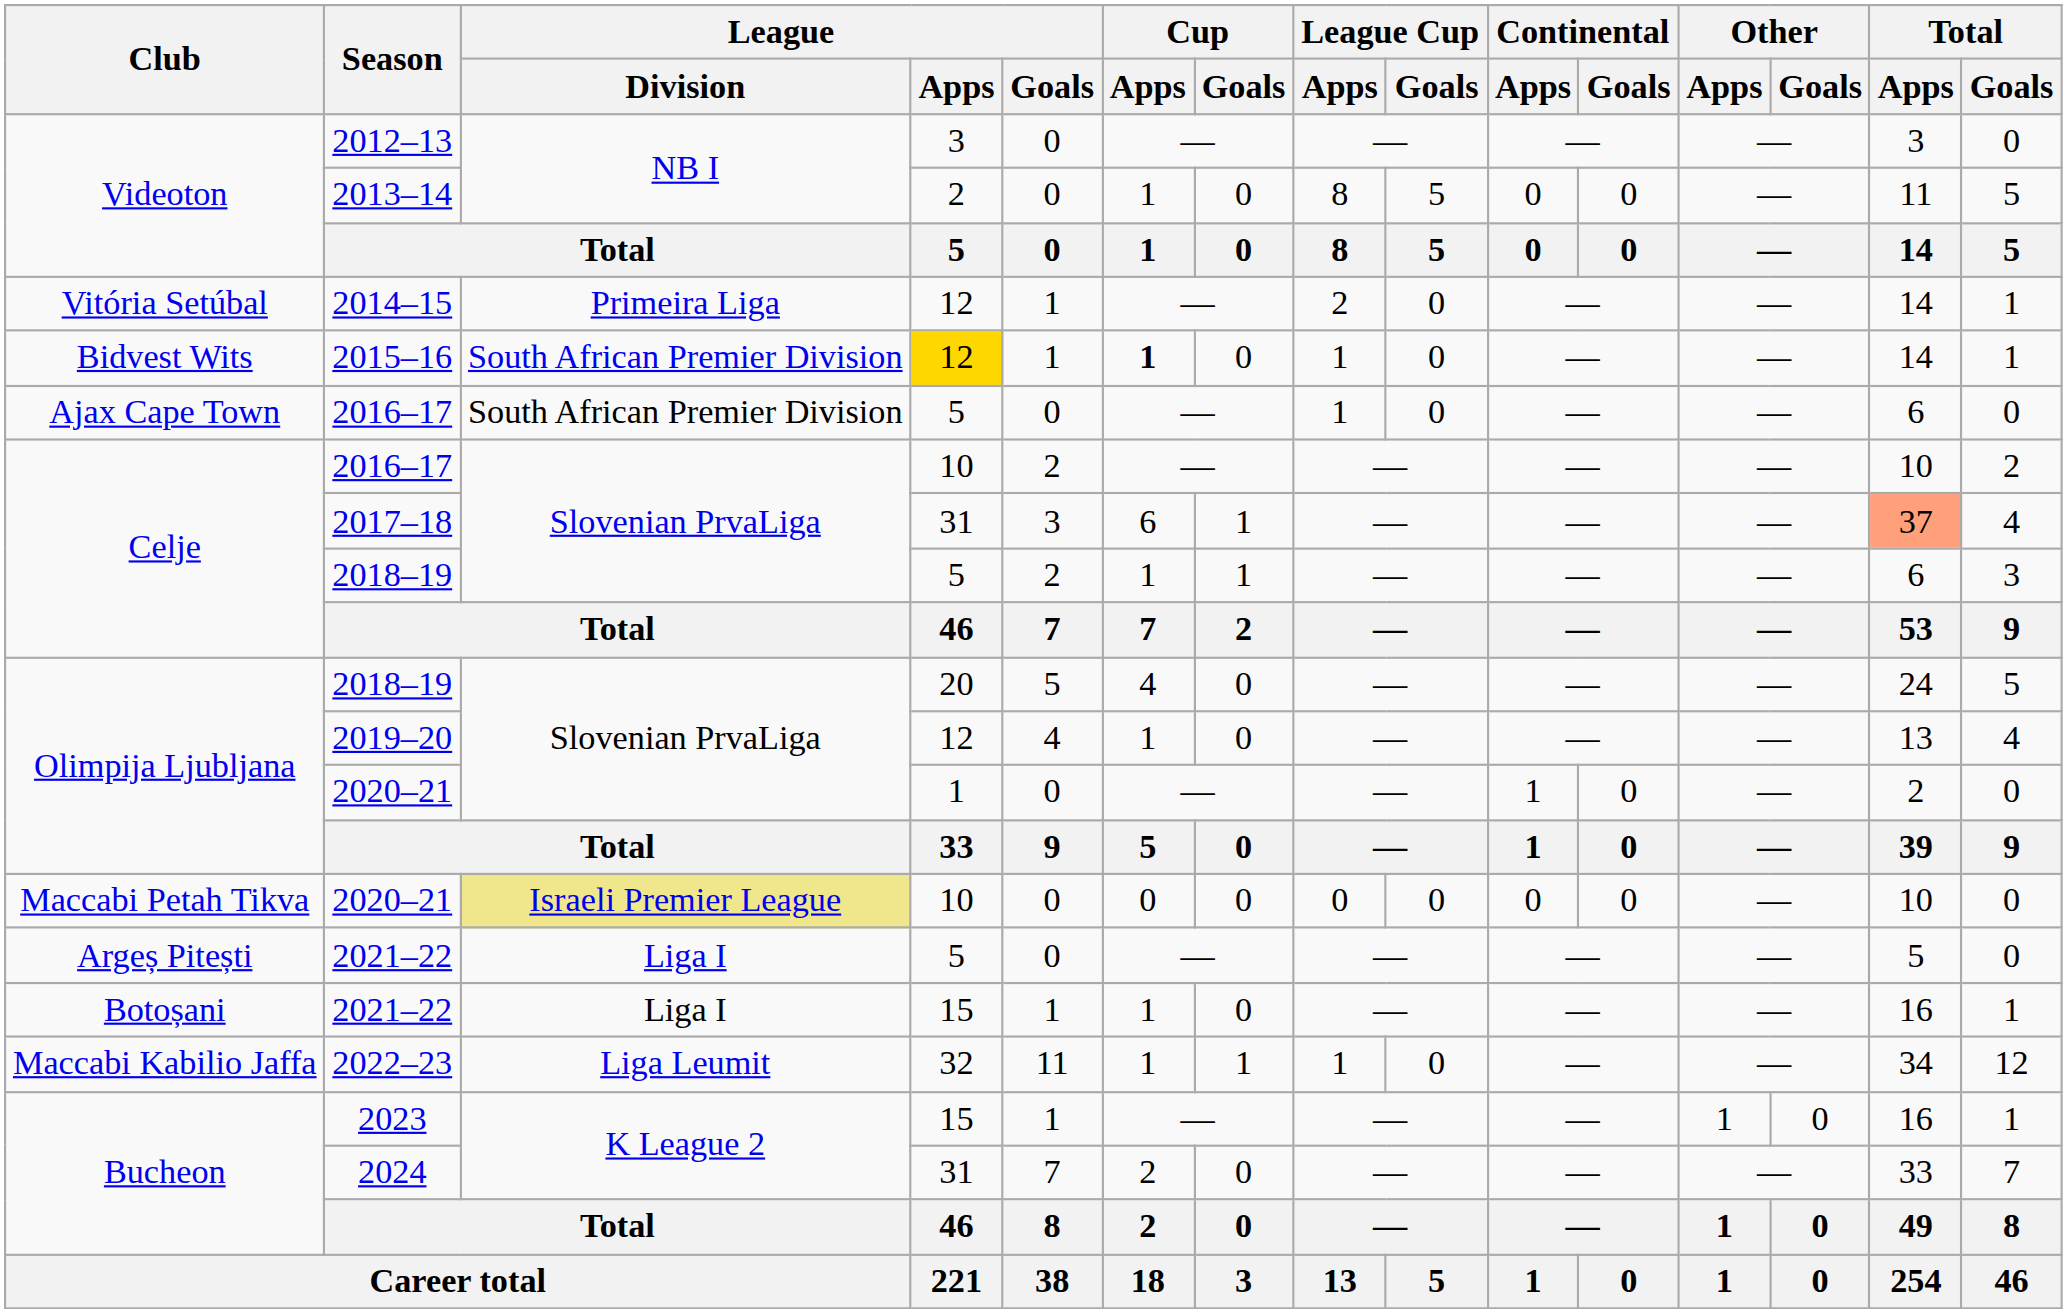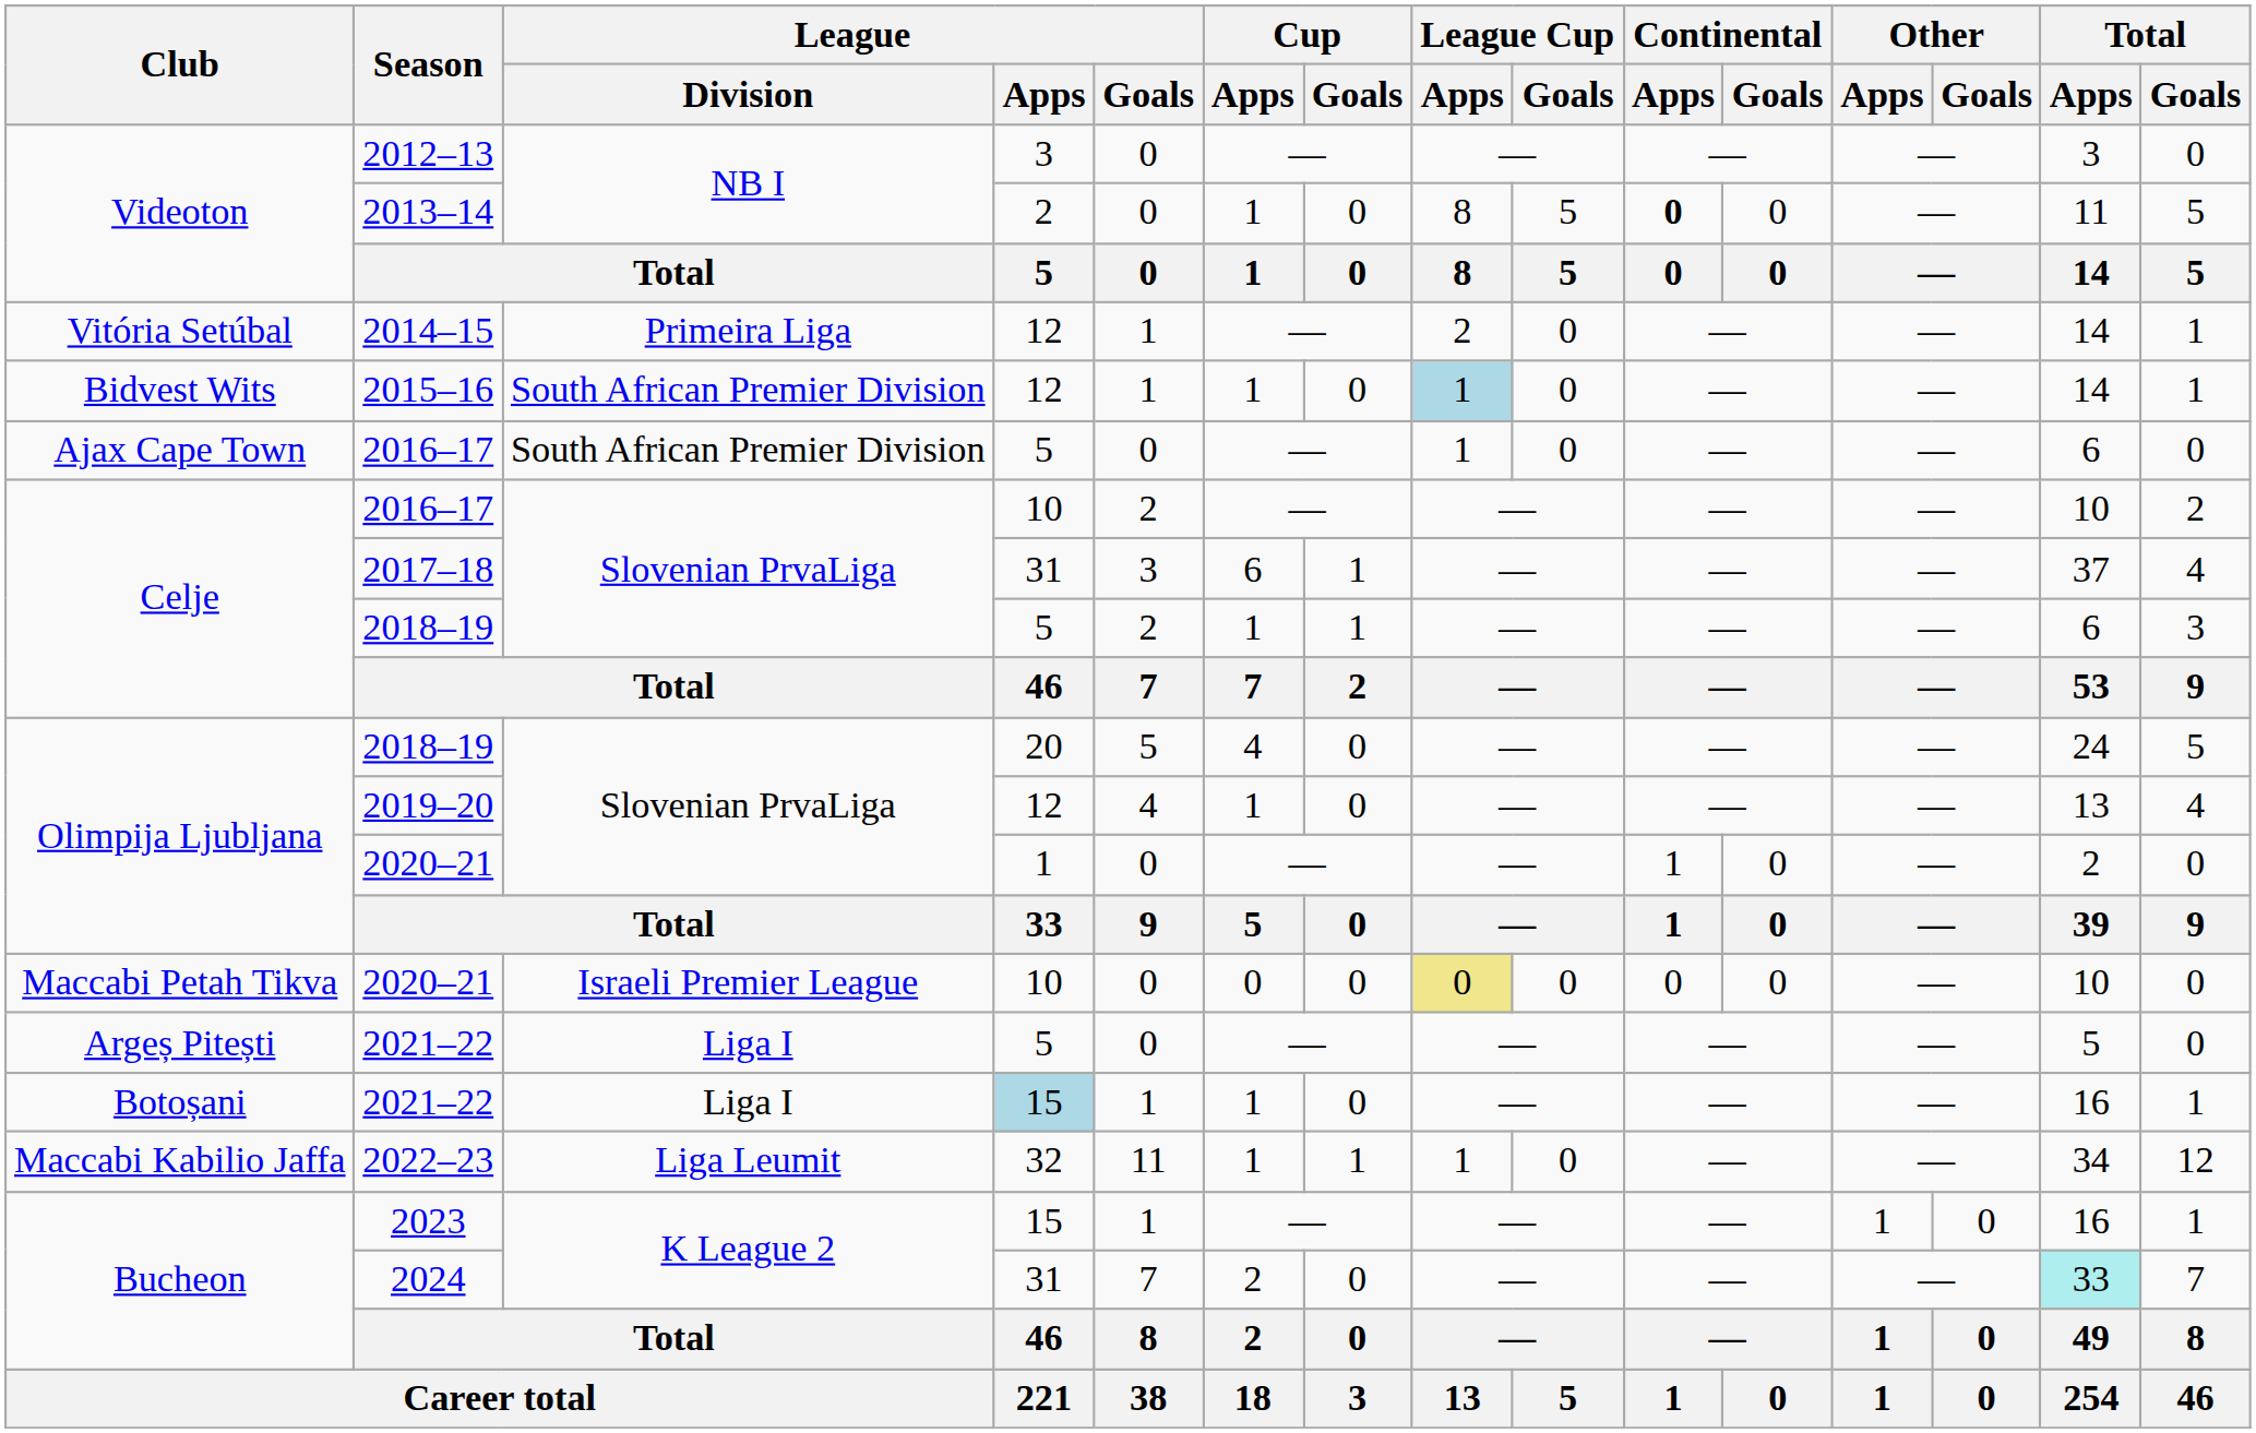 <table class="wikitable" style="text-align: center">
 <tr>
 <th rowspan="2">Club</th>
 <th rowspan="2">Season</th>
 <th colspan="3">League</th>
 <th colspan="2">Cup</th>
 <th colspan="2">League Cup</th>
 <th colspan="2">Continental</th>
 <th colspan="2">Other</th>
 <th colspan="2">Total</th>
 </tr>
 <tr>
 <th>Division</th>
 <th>Apps</th>
 <th>Goals</th>
 <th>Apps</th>
 <th>Goals</th>
 <th>Apps</th>
 <th>Goals</th>
 <th>Apps</th>
 <th>Goals</th>
 <th>Apps</th>
 <th>Goals</th>
 <th>Apps</th>
 <th>Goals</th>
 </tr>
 <tr>
 <td rowspan="3"><a href='#'>Videoton</a></td>
 <td><a href='#'>2012–13</a></td>
 <td rowspan="2"><a href='#'>NB I</a></td>
 <td>3</td>
 <td>0</td>
 <td colspan="2">—</td>
 <td colspan="2">—</td>
 <td colspan="2">—</td>
 <td colspan="2">—</td>
 <td>3</td>
 <td>0</td>
 </tr>
 <tr>
 <td><a href='#'>2013–14</a></td>
 <td>2</td>
 <td>0</td>
 <td>1</td>
 <td>0</td>
 <td>8</td>
 <td>5</td>
-<td>0</td>
+<td><strong>0</strong></td>
 <td>0</td>
 <td colspan="2">—</td>
 <td>11</td>
 <td>5</td>
 </tr>
 <tr>
 <th colspan="2">Total</th>
 <th>5</th>
 <th>0</th>
 <th>1</th>
 <th>0</th>
 <th>8</th>
 <th>5</th>
 <th>0</th>
 <th>0</th>
 <th colspan="2">—</th>
 <th>14</th>
 <th>5</th>
 </tr>
 <tr>
 <td><a href='#'>Vitória Setúbal</a></td>
 <td><a href='#'>2014–15</a></td>
 <td><a href='#'>Primeira Liga</a></td>
 <td>12</td>
 <td>1</td>
 <td colspan="2">—</td>
 <td>2</td>
 <td>0</td>
 <td colspan="2">—</td>
 <td colspan="2">—</td>
 <td>14</td>
 <td>1</td>
 </tr>
 <tr>
 <td><a href='#'>Bidvest Wits</a></td>
 <td><a href='#'>2015–16</a></td>
 <td><a href='#'>South African Premier Division</a></td>
-<td style="background: gold;">12</td>
+<td>12</td>
 <td>1</td>
-<td><strong>1</strong></td>
+<td>1</td>
 <td>0</td>
-<td>1</td>
+<td style="background: lightblue;">1</td>
 <td>0</td>
 <td colspan="2">—</td>
 <td colspan="2">—</td>
 <td>14</td>
 <td>1</td>
 </tr>
 <tr>
 <td><a href='#'>Ajax Cape Town</a></td>
 <td><a href='#'>2016–17</a></td>
 <td>South African Premier Division</td>
 <td>5</td>
 <td>0</td>
 <td colspan="2">—</td>
 <td>1</td>
 <td>0</td>
 <td colspan="2">—</td>
 <td colspan="2">—</td>
 <td>6</td>
 <td>0</td>
 </tr>
 <tr>
 <td rowspan="4"><a href='#'>Celje</a></td>
 <td><a href='#'>2016–17</a></td>
 <td rowspan="3"><a href='#'>Slovenian PrvaLiga</a></td>
 <td>10</td>
 <td>2</td>
 <td colspan="2">—</td>
 <td colspan="2">—</td>
 <td colspan="2">—</td>
 <td colspan="2">—</td>
 <td>10</td>
 <td>2</td>
 </tr>
 <tr>
 <td><a href='#'>2017–18</a></td>
 <td>31</td>
 <td>3</td>
 <td>6</td>
 <td>1</td>
 <td colspan="2">—</td>
 <td colspan="2">—</td>
 <td colspan="2">—</td>
-<td style="background: lightsalmon;">37</td>
+<td>37</td>
 <td>4</td>
 </tr>
 <tr>
 <td><a href='#'>2018–19</a></td>
 <td>5</td>
 <td>2</td>
 <td>1</td>
 <td>1</td>
 <td colspan="2">—</td>
 <td colspan="2">—</td>
 <td colspan="2">—</td>
 <td>6</td>
 <td>3</td>
 </tr>
 <tr>
 <th colspan="2">Total</th>
 <th>46</th>
 <th>7</th>
 <th>7</th>
 <th>2</th>
 <th colspan="2">—</th>
 <th colspan="2">—</th>
 <th colspan="2">—</th>
 <th>53</th>
 <th>9</th>
 </tr>
 <tr>
 <td rowspan="4"><a href='#'>Olimpija Ljubljana</a></td>
 <td><a href='#'>2018–19</a></td>
 <td rowspan="3">Slovenian PrvaLiga</td>
 <td>20</td>
 <td>5</td>
 <td>4</td>
 <td>0</td>
 <td colspan="2">—</td>
 <td colspan="2">—</td>
 <td colspan="2">—</td>
 <td>24</td>
 <td>5</td>
 </tr>
 <tr>
 <td><a href='#'>2019–20</a></td>
 <td>12</td>
 <td>4</td>
 <td>1</td>
 <td>0</td>
 <td colspan="2">—</td>
 <td colspan="2">—</td>
 <td colspan="2">—</td>
 <td>13</td>
 <td>4</td>
 </tr>
 <tr>
 <td><a href='#'>2020–21</a></td>
 <td>1</td>
 <td>0</td>
 <td colspan="2">—</td>
 <td colspan="2">—</td>
 <td>1</td>
 <td>0</td>
 <td colspan="2">—</td>
 <td>2</td>
 <td>0</td>
 </tr>
 <tr>
 <th colspan="2">Total</th>
 <th>33</th>
 <th>9</th>
 <th>5</th>
 <th>0</th>
 <th colspan="2">—</th>
 <th>1</th>
 <th>0</th>
 <th colspan="2">—</th>
 <th>39</th>
 <th>9</th>
 </tr>
 <tr>
 <td><a href='#'>Maccabi Petah Tikva</a></td>
 <td><a href='#'>2020–21</a></td>
-<td style="background: khaki;"><a href='#'>Israeli Premier League</a></td>
+<td><a href='#'>Israeli Premier League</a></td>
 <td>10</td>
 <td>0</td>
 <td>0</td>
 <td>0</td>
-<td>0</td>
+<td style="background: khaki;">0</td>
 <td>0</td>
 <td>0</td>
 <td>0</td>
 <td colspan="2">—</td>
 <td>10</td>
 <td>0</td>
 </tr>
 <tr>
 <td><a href='#'>Argeș Pitești</a></td>
 <td><a href='#'>2021–22</a></td>
 <td><a href='#'>Liga I</a></td>
 <td>5</td>
 <td>0</td>
 <td colspan="2">—</td>
 <td colspan="2">—</td>
 <td colspan="2">—</td>
 <td colspan="2">—</td>
 <td>5</td>
 <td>0</td>
 </tr>
 <tr>
 <td><a href='#'>Botoșani</a></td>
 <td><a href='#'>2021–22</a></td>
 <td>Liga I</td>
-<td>15</td>
+<td style="background: lightblue;">15</td>
 <td>1</td>
 <td>1</td>
 <td>0</td>
 <td colspan="2">—</td>
 <td colspan="2">—</td>
 <td colspan="2">—</td>
 <td>16</td>
 <td>1</td>
 </tr>
 <tr>
 <td><a href='#'>Maccabi Kabilio Jaffa</a></td>
 <td><a href='#'>2022–23</a></td>
 <td><a href='#'>Liga Leumit</a></td>
 <td>32</td>
 <td>11</td>
 <td>1</td>
 <td>1</td>
 <td>1</td>
 <td>0</td>
 <td colspan="2">—</td>
 <td colspan="2">—</td>
 <td>34</td>
 <td>12</td>
 </tr>
 <tr>
 <td rowspan="3"><a href='#'>Bucheon</a></td>
 <td><a href='#'>2023</a></td>
 <td rowspan="2"><a href='#'>K League 2</a></td>
 <td>15</td>
 <td>1</td>
 <td colspan="2">—</td>
 <td colspan="2">—</td>
 <td colspan="2">—</td>
 <td>1</td>
 <td>0</td>
 <td>16</td>
 <td>1</td>
 </tr>
 <tr>
 <td><a href='#'>2024</a></td>
 <td>31</td>
 <td>7</td>
 <td>2</td>
 <td>0</td>
 <td colspan="2">—</td>
 <td colspan="2">—</td>
 <td colspan="2">—</td>
-<td>33</td>
+<td style="background: paleturquoise;">33</td>
 <td>7</td>
 </tr>
 <tr>
 <th colspan="2">Total</th>
 <th>46</th>
 <th>8</th>
 <th>2</th>
 <th>0</th>
 <th colspan="2">—</th>
 <th colspan="2">—</th>
 <th>1</th>
 <th>0</th>
 <th>49</th>
 <th>8</th>
 </tr>
 <tr>
 <th colspan="3">Career total</th>
 <th>221</th>
 <th>38</th>
 <th>18</th>
 <th>3</th>
 <th>13</th>
 <th>5</th>
 <th>1</th>
 <th>0</th>
 <th>1</th>
 <th>0</th>
 <th>254</th>
 <th>46</th>
 </tr>
 </table>
